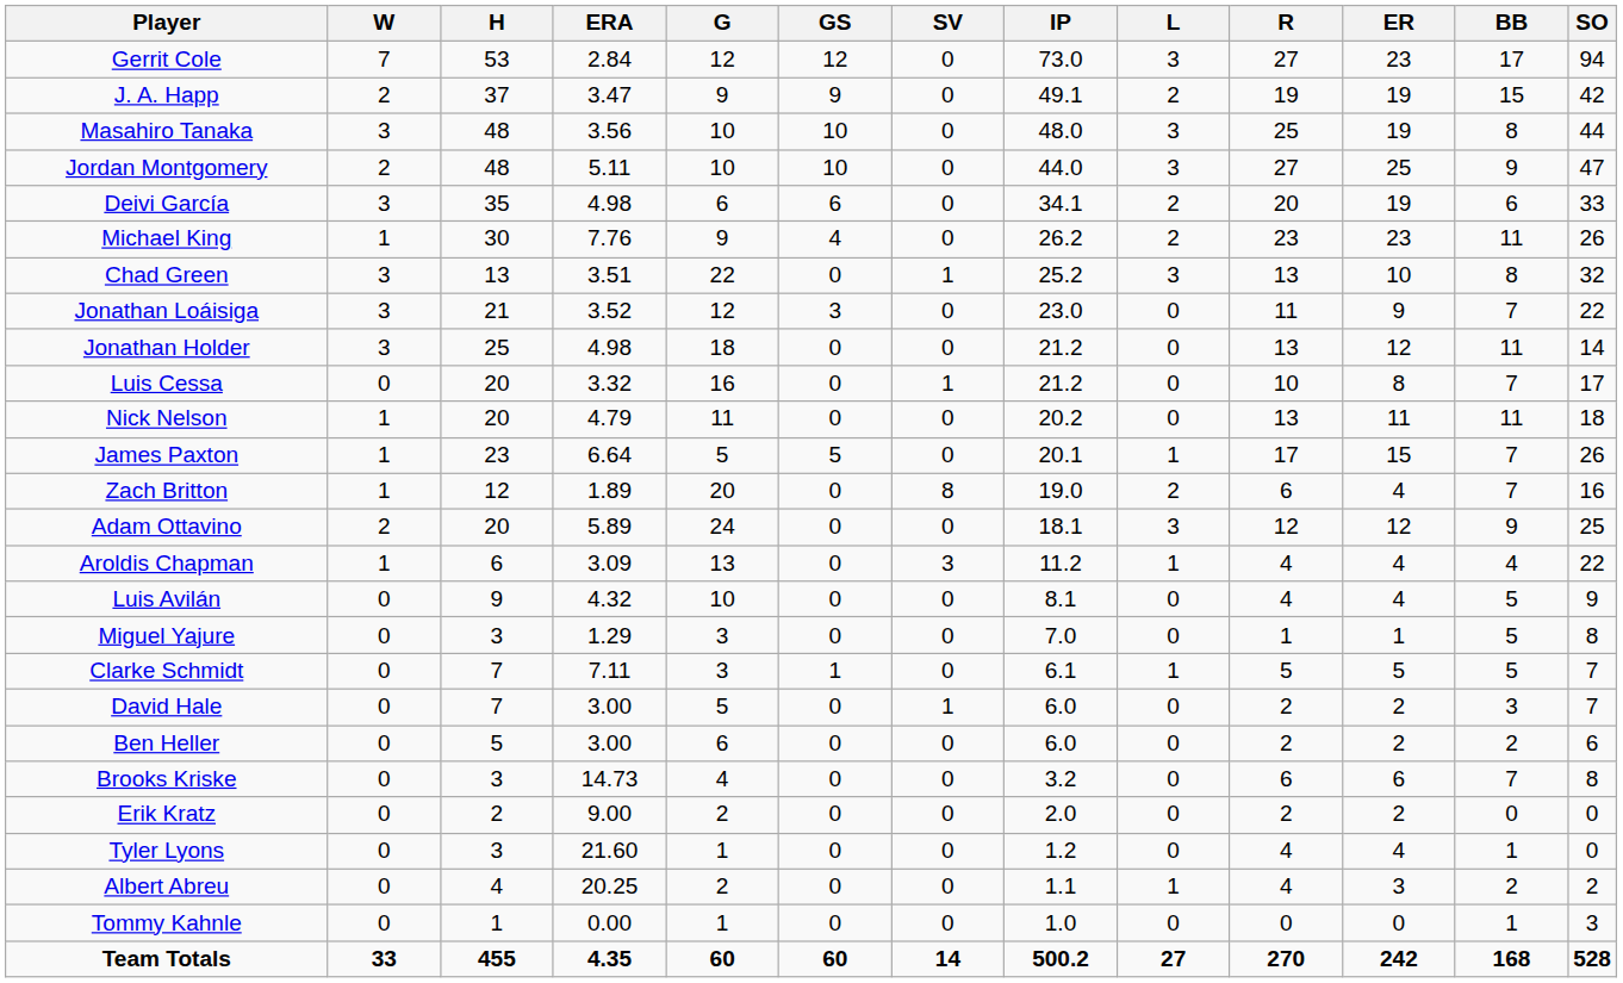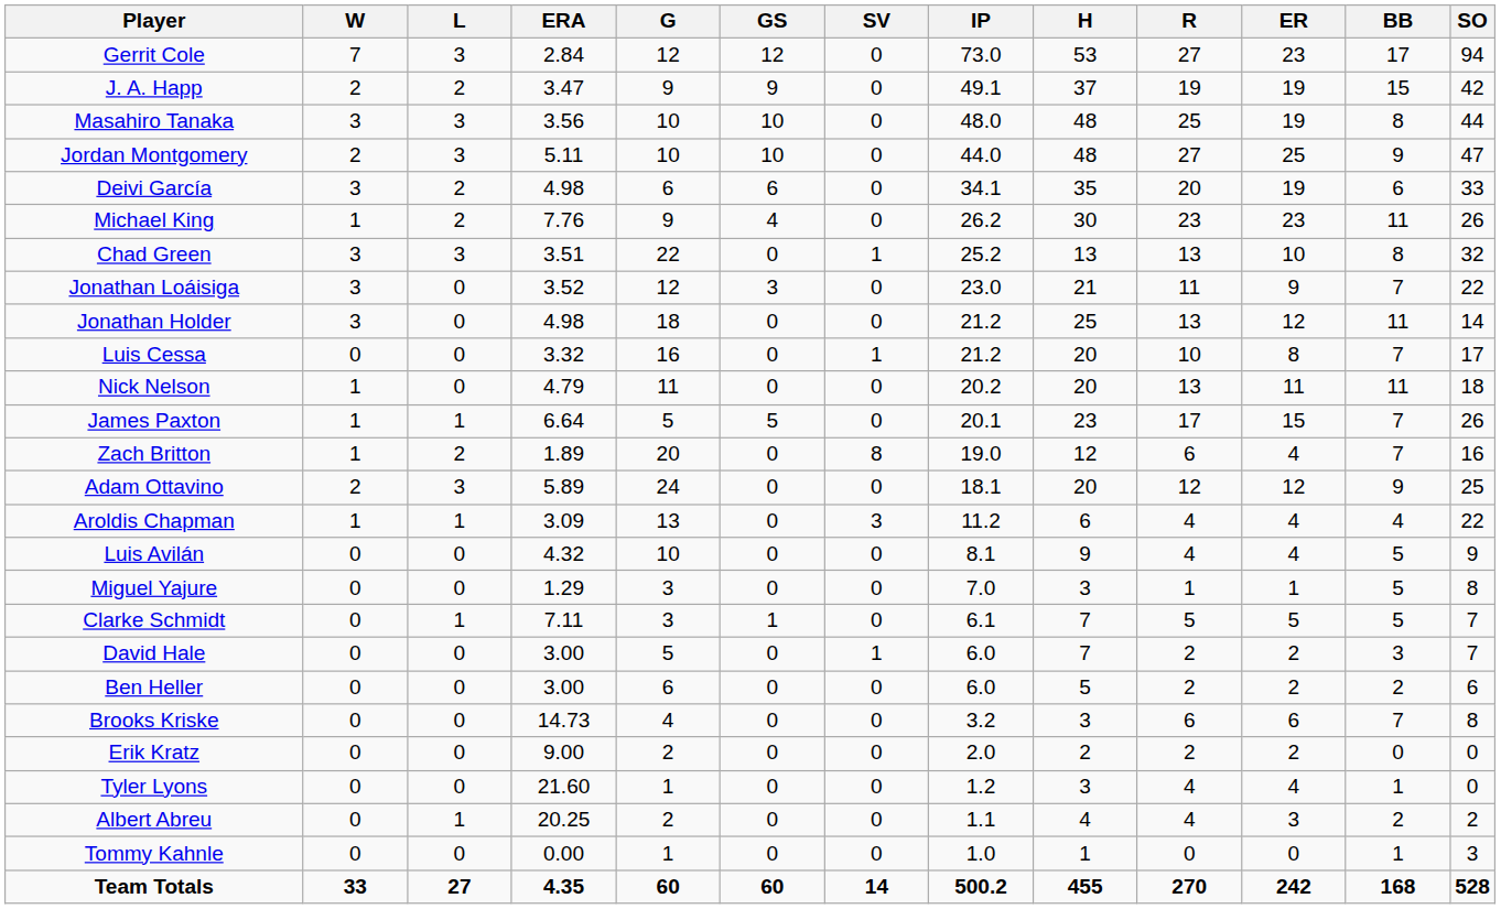 <table class=wikitable style="text-align:center">
 <tr>
 <th bgcolor=#DDDDFF; width="20%">Player</th>
 <th bgcolor=#DDDDFF; width="7%">W</th>
-<th bgcolor=#DDDDFF; width="7%'">H</th>
+<th bgcolor=#DDDDFF; width="7%">L</th>
 <th bgcolor=#DDDDFF; width="7%">ERA</th>
 <th bgcolor=#DDDDFF; width="7%">G</th>
 <th bgcolor=#DDDDFF; width="7%">GS</th>
 <th bgcolor=#DDDDFF; width="7%">SV</th>
 <th bgcolor=#DDDDFF; width="7%">IP</th>
-<th bgcolor=#DDDDFF; width="7%">L</th>
+<th bgcolor=#DDDDFF; width="7%'">H</th>
 <th bgcolor=#DDDDFF; width="7%">R</th>
 <th bgcolor=#DDDDFF; width="7%">ER</th>
 <th bgcolor=#DDDDFF; width="7%">BB</th>
 <th bgcolor=#DDDDFF; width="7%">SO</th>
 </tr>
 <tr>
 <td><a href='#'>Gerrit Cole</a></td>
 <td>7</td>
-<td>53</td>
+<td>3</td>
 <td>2.84</td>
 <td>12</td>
 <td>12</td>
 <td>0</td>
 <td>73.0</td>
-<td>3</td>
+<td>53</td>
 <td>27</td>
 <td>23</td>
 <td>17</td>
 <td>94</td>
 </tr>
 <tr>
 <td><a href='#'>J. A. Happ</a></td>
 <td>2</td>
-<td>37</td>
+<td>2</td>
 <td>3.47</td>
 <td>9</td>
 <td>9</td>
 <td>0</td>
 <td>49.1</td>
-<td>2</td>
+<td>37</td>
 <td>19</td>
 <td>19</td>
 <td>15</td>
 <td>42</td>
 </tr>
 <tr>
 <td><a href='#'>Masahiro Tanaka</a></td>
 <td>3</td>
-<td>48</td>
+<td>3</td>
 <td>3.56</td>
 <td>10</td>
 <td>10</td>
 <td>0</td>
 <td>48.0</td>
-<td>3</td>
+<td>48</td>
 <td>25</td>
 <td>19</td>
 <td>8</td>
 <td>44</td>
 </tr>
 <tr>
 <td><a href='#'>Jordan Montgomery</a></td>
 <td>2</td>
-<td>48</td>
+<td>3</td>
 <td>5.11</td>
 <td>10</td>
 <td>10</td>
 <td>0</td>
 <td>44.0</td>
-<td>3</td>
+<td>48</td>
 <td>27</td>
 <td>25</td>
 <td>9</td>
 <td>47</td>
 </tr>
 <tr>
 <td><a href='#'>Deivi García</a></td>
 <td>3</td>
-<td>35</td>
+<td>2</td>
 <td>4.98</td>
 <td>6</td>
 <td>6</td>
 <td>0</td>
 <td>34.1</td>
-<td>2</td>
+<td>35</td>
 <td>20</td>
 <td>19</td>
 <td>6</td>
 <td>33</td>
 </tr>
 <tr>
 <td><a href='#'>Michael King</a></td>
 <td>1</td>
-<td>30</td>
+<td>2</td>
 <td>7.76</td>
 <td>9</td>
 <td>4</td>
 <td>0</td>
 <td>26.2</td>
-<td>2</td>
+<td>30</td>
 <td>23</td>
 <td>23</td>
 <td>11</td>
 <td>26</td>
 </tr>
 <tr>
 <td><a href='#'>Chad Green</a></td>
 <td>3</td>
-<td>13</td>
+<td>3</td>
 <td>3.51</td>
 <td>22</td>
 <td>0</td>
 <td>1</td>
 <td>25.2</td>
-<td>3</td>
+<td>13</td>
 <td>13</td>
 <td>10</td>
 <td>8</td>
 <td>32</td>
 </tr>
 <tr>
 <td><a href='#'>Jonathan Loáisiga</a></td>
 <td>3</td>
-<td>21</td>
+<td>0</td>
 <td>3.52</td>
 <td>12</td>
 <td>3</td>
 <td>0</td>
 <td>23.0</td>
-<td>0</td>
+<td>21</td>
 <td>11</td>
 <td>9</td>
 <td>7</td>
 <td>22</td>
 </tr>
 <tr>
 <td><a href='#'>Jonathan Holder</a></td>
 <td>3</td>
-<td>25</td>
+<td>0</td>
 <td>4.98</td>
 <td>18</td>
 <td>0</td>
 <td>0</td>
 <td>21.2</td>
-<td>0</td>
+<td>25</td>
 <td>13</td>
 <td>12</td>
 <td>11</td>
 <td>14</td>
 </tr>
 <tr>
 <td><a href='#'>Luis Cessa</a></td>
 <td>0</td>
-<td>20</td>
+<td>0</td>
 <td>3.32</td>
 <td>16</td>
 <td>0</td>
 <td>1</td>
 <td>21.2</td>
-<td>0</td>
+<td>20</td>
 <td>10</td>
 <td>8</td>
 <td>7</td>
 <td>17</td>
 </tr>
 <tr>
 <td><a href='#'>Nick Nelson</a></td>
 <td>1</td>
-<td>20</td>
+<td>0</td>
 <td>4.79</td>
 <td>11</td>
 <td>0</td>
 <td>0</td>
 <td>20.2</td>
-<td>0</td>
+<td>20</td>
 <td>13</td>
 <td>11</td>
 <td>11</td>
 <td>18</td>
 </tr>
 <tr>
 <td><a href='#'>James Paxton</a></td>
 <td>1</td>
-<td>23</td>
+<td>1</td>
 <td>6.64</td>
 <td>5</td>
 <td>5</td>
 <td>0</td>
 <td>20.1</td>
-<td>1</td>
+<td>23</td>
 <td>17</td>
 <td>15</td>
 <td>7</td>
 <td>26</td>
 </tr>
 <tr>
 <td><a href='#'>Zach Britton</a></td>
 <td>1</td>
-<td>12</td>
+<td>2</td>
 <td>1.89</td>
 <td>20</td>
 <td>0</td>
 <td>8</td>
 <td>19.0</td>
-<td>2</td>
+<td>12</td>
 <td>6</td>
 <td>4</td>
 <td>7</td>
 <td>16</td>
 </tr>
 <tr>
 <td><a href='#'>Adam Ottavino</a></td>
 <td>2</td>
-<td>20</td>
+<td>3</td>
 <td>5.89</td>
 <td>24</td>
 <td>0</td>
 <td>0</td>
 <td>18.1</td>
-<td>3</td>
+<td>20</td>
 <td>12</td>
 <td>12</td>
 <td>9</td>
 <td>25</td>
 </tr>
 <tr>
 <td><a href='#'>Aroldis Chapman</a></td>
 <td>1</td>
-<td>6</td>
+<td>1</td>
 <td>3.09</td>
 <td>13</td>
 <td>0</td>
 <td>3</td>
 <td>11.2</td>
-<td>1</td>
+<td>6</td>
 <td>4</td>
 <td>4</td>
 <td>4</td>
 <td>22</td>
 </tr>
 <tr>
 <td><a href='#'>Luis Avilán</a></td>
 <td>0</td>
-<td>9</td>
+<td>0</td>
 <td>4.32</td>
 <td>10</td>
 <td>0</td>
 <td>0</td>
 <td>8.1</td>
-<td>0</td>
+<td>9</td>
 <td>4</td>
 <td>4</td>
 <td>5</td>
 <td>9</td>
 </tr>
 <tr>
 <td><a href='#'>Miguel Yajure</a></td>
 <td>0</td>
-<td>3</td>
+<td>0</td>
 <td>1.29</td>
 <td>3</td>
 <td>0</td>
 <td>0</td>
 <td>7.0</td>
-<td>0</td>
+<td>3</td>
 <td>1</td>
 <td>1</td>
 <td>5</td>
 <td>8</td>
 </tr>
 <tr>
 <td><a href='#'>Clarke Schmidt</a></td>
 <td>0</td>
-<td>7</td>
+<td>1</td>
 <td>7.11</td>
 <td>3</td>
 <td>1</td>
 <td>0</td>
 <td>6.1</td>
-<td>1</td>
+<td>7</td>
 <td>5</td>
 <td>5</td>
 <td>5</td>
 <td>7</td>
 </tr>
 <tr>
 <td><a href='#'>David Hale</a></td>
 <td>0</td>
-<td>7</td>
+<td>0</td>
 <td>3.00</td>
 <td>5</td>
 <td>0</td>
 <td>1</td>
 <td>6.0</td>
-<td>0</td>
+<td>7</td>
 <td>2</td>
 <td>2</td>
 <td>3</td>
 <td>7</td>
 </tr>
 <tr>
 <td><a href='#'>Ben Heller</a></td>
 <td>0</td>
-<td>5</td>
+<td>0</td>
 <td>3.00</td>
 <td>6</td>
 <td>0</td>
 <td>0</td>
 <td>6.0</td>
-<td>0</td>
+<td>5</td>
 <td>2</td>
 <td>2</td>
 <td>2</td>
 <td>6</td>
 </tr>
 <tr>
 <td><a href='#'>Brooks Kriske</a></td>
 <td>0</td>
-<td>3</td>
+<td>0</td>
 <td>14.73</td>
 <td>4</td>
 <td>0</td>
 <td>0</td>
 <td>3.2</td>
-<td>0</td>
+<td>3</td>
 <td>6</td>
 <td>6</td>
 <td>7</td>
 <td>8</td>
 </tr>
 <tr>
 <td><a href='#'>Erik Kratz</a></td>
 <td>0</td>
-<td>2</td>
+<td>0</td>
 <td>9.00</td>
 <td>2</td>
 <td>0</td>
 <td>0</td>
 <td>2.0</td>
-<td>0</td>
+<td>2</td>
 <td>2</td>
 <td>2</td>
 <td>0</td>
 <td>0</td>
 </tr>
 <tr>
 <td><a href='#'>Tyler Lyons</a></td>
 <td>0</td>
-<td>3</td>
+<td>0</td>
 <td>21.60</td>
 <td>1</td>
 <td>0</td>
 <td>0</td>
 <td>1.2</td>
-<td>0</td>
+<td>3</td>
 <td>4</td>
 <td>4</td>
 <td>1</td>
 <td>0</td>
 </tr>
 <tr>
 <td><a href='#'>Albert Abreu</a></td>
 <td>0</td>
-<td>4</td>
+<td>1</td>
 <td>20.25</td>
 <td>2</td>
 <td>0</td>
 <td>0</td>
 <td>1.1</td>
-<td>1</td>
+<td>4</td>
 <td>4</td>
 <td>3</td>
 <td>2</td>
 <td>2</td>
 </tr>
 <tr>
 <td><a href='#'>Tommy Kahnle</a></td>
 <td>0</td>
-<td>1</td>
+<td>0</td>
 <td>0.00</td>
 <td>1</td>
 <td>0</td>
 <td>0</td>
 <td>1.0</td>
-<td>0</td>
+<td>1</td>
 <td>0</td>
 <td>0</td>
 <td>1</td>
 <td>3</td>
 </tr>
 <tr>
 <td><strong>Team Totals</strong></td>
 <td><strong>33</strong></td>
-<td><strong>455</strong></td>
+<td><strong>27</strong></td>
 <td><strong>4.35</strong></td>
 <td><strong>60</strong></td>
 <td><strong>60</strong></td>
 <td><strong>14</strong></td>
 <td><strong>500.2</strong></td>
-<td><strong>27</strong></td>
+<td><strong>455</strong></td>
 <td><strong>270</strong></td>
 <td><strong>242</strong></td>
 <td><strong>168</strong></td>
 <td><strong>528</strong></td>
 </tr>
 </table>
